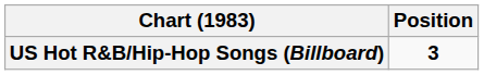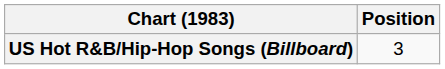 <table class="wikitable plainrowheaders" style="text-align:center">
 <tr>
 <th scope="col">Chart (1983)</th>
 <th scope="col">Position</th>
 </tr>
 <tr>
 <th scope="row">US Hot R&B/Hip-Hop Songs (<em>Billboard</em>)</th>
-<td><strong>3</strong></td>
+<td>3</td>
 </tr>
 </table>
